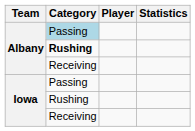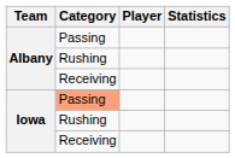 <table class="wikitable" style="float:right">
 <tr>
 <th>Team</th>
 <th>Category</th>
 <th>Player</th>
 <th>Statistics</th>
 </tr>
 <tr>
 <th rowspan=3>Albany</th>
-<td style="background: lightblue;">Passing</td>
-<td></td>
-<td></td>
-</tr>
-<tr>
-<td><strong>Rushing</strong></td>
-<td></td>
-<td></td>
-</tr>
-<tr>
-<td>Receiving</td>
-<td></td>
-<td></td>
-</tr>
-<tr>
-<th rowspan=3>Iowa</th>
 <td>Passing</td>
 <td></td>
 <td></td>
 </tr>
 <tr>
 <td>Rushing</td>
 <td></td>
 <td></td>
 </tr>
 <tr>
 <td>Receiving</td>
 <td></td>
 <td></td>
 </tr>
+<tr>
+<th rowspan=3>Iowa</th>
+<td style="background: lightsalmon;">Passing</td>
+<td></td>
+<td></td>
+</tr>
+<tr>
+<td>Rushing</td>
+<td></td>
+<td></td>
+</tr>
+<tr>
+<td>Receiving</td>
+<td></td>
+<td></td>
+</tr>
 </table>
